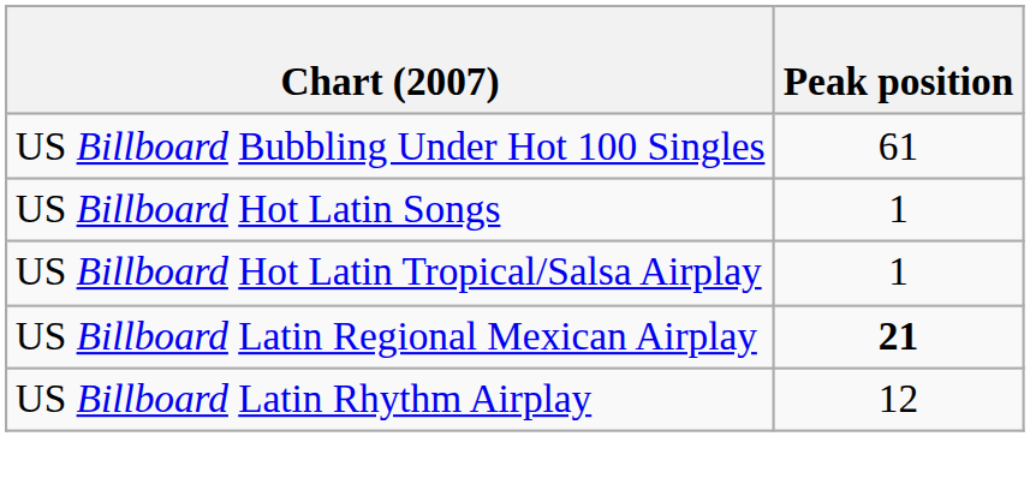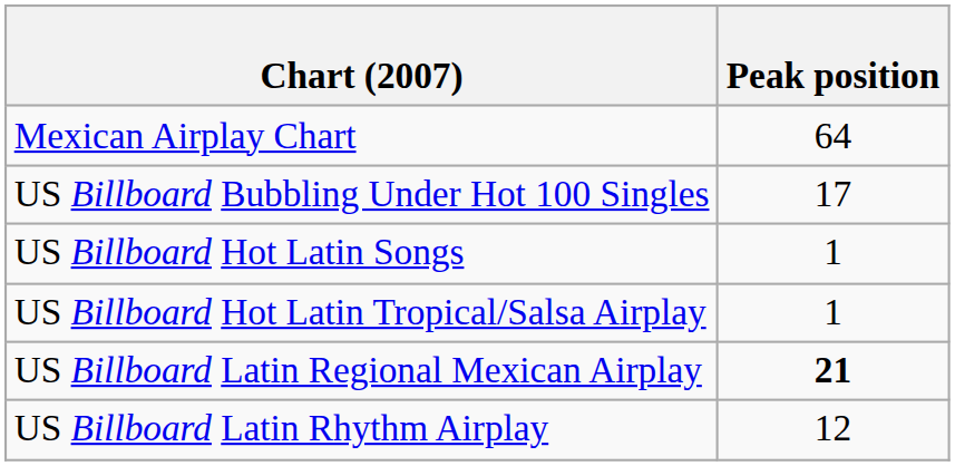 <table class="wikitable">
 <tr>
 <th><br>Chart (2007)</th>
 <th><br>Peak position</th>
 </tr>
 <tr>
+<td><a href='#'>Mexican Airplay Chart</a></td>
+<td align="center">64</td>
+</tr>
+<tr>
 <td>US <em><a href='#'>Billboard</a></em> <a href='#'>Bubbling Under Hot 100 Singles</a></td>
-<td align="center">61</td>
+<td align="center">17</td>
 </tr>
 <tr>
 <td>US <em><a href='#'>Billboard</a></em> <a href='#'>Hot Latin Songs</a></td>
 <td align="center">1</td>
 </tr>
 <tr>
 <td>US <em><a href='#'>Billboard</a></em> <a href='#'>Hot Latin Tropical/Salsa Airplay</a></td>
 <td align="center">1</td>
 </tr>
 <tr>
 <td>US <em><a href='#'>Billboard</a></em> <a href='#'>Latin Regional Mexican Airplay</a></td>
 <td align="center"><strong>21</strong></td>
 </tr>
 <tr>
 <td>US <em><a href='#'>Billboard</a></em> <a href='#'>Latin Rhythm Airplay</a></td>
 <td align="center">12</td>
 </tr>
 </table>
